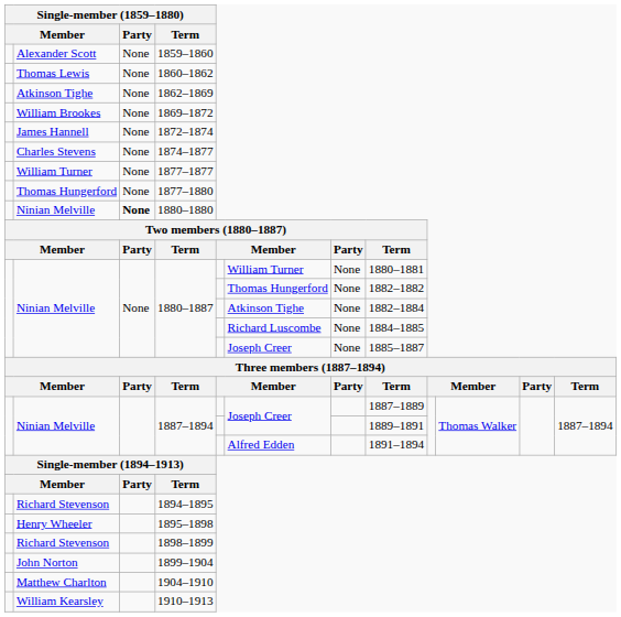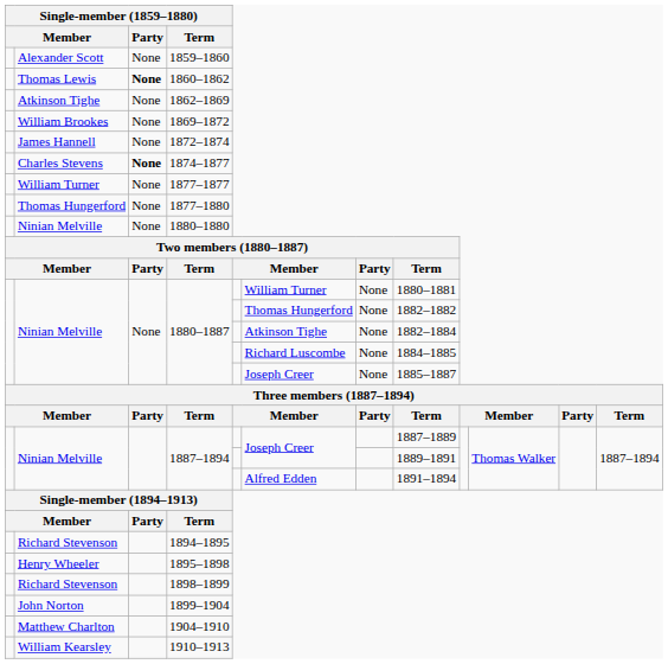 <table class="wikitable" style='border-style: none none none none;'>
 <tr>
 <th colspan="4">Single-member (1859–1880)</th>
 </tr>
 <tr>
 <th colspan="2">Member</th>
 <th>Party</th>
 <th>Term</th>
 </tr>
 <tr style="background: #f9f9f9">
 <td> </td>
 <td><a href='#'>Alexander Scott</a></td>
 <td>None</td>
 <td>1859–1860</td>
 </tr>
 <tr style="background: #f9f9f9">
 <td> </td>
 <td><a href='#'>Thomas Lewis</a></td>
-<td>None</td>
+<td><strong>None</strong></td>
 <td>1860–1862</td>
 </tr>
 <tr style="background: #f9f9f9">
 <td> </td>
 <td><a href='#'>Atkinson Tighe</a></td>
 <td>None</td>
 <td>1862–1869</td>
 </tr>
 <tr style="background: #f9f9f9">
 <td> </td>
 <td><a href='#'>William Brookes</a></td>
 <td>None</td>
 <td>1869–1872</td>
 </tr>
 <tr style="background: #f9f9f9">
 <td> </td>
 <td><a href='#'>James Hannell</a></td>
 <td>None</td>
 <td>1872–1874</td>
 </tr>
 <tr style="background: #f9f9f9">
 <td> </td>
 <td><a href='#'>Charles Stevens</a></td>
-<td>None</td>
+<td><strong>None</strong></td>
 <td>1874–1877</td>
 </tr>
 <tr style="background: #f9f9f9">
 <td> </td>
 <td><a href='#'>William Turner</a></td>
 <td>None</td>
 <td>1877–1877</td>
 </tr>
 <tr style="background: #f9f9f9">
 <td> </td>
 <td><a href='#'>Thomas Hungerford</a></td>
 <td>None</td>
 <td>1877–1880</td>
 </tr>
 <tr style="background: #f9f9f9">
 <td> </td>
 <td><a href='#'>Ninian Melville</a></td>
-<td><strong>None</strong></td>
+<td>None</td>
 <td>1880–1880</td>
 </tr>
 <tr>
 <th colspan="8">Two members (1880–1887)</th>
 </tr>
 <tr>
 <th colspan="2">Member</th>
 <th>Party</th>
 <th>Term</th>
 <th colspan="2">Member</th>
 <th>Party</th>
 <th>Term</th>
 </tr>
 <tr style="background: #f9f9f9">
 <td rowspan="5" > </td>
 <td rowspan="5"><a href='#'>Ninian Melville</a></td>
 <td rowspan="5">None</td>
 <td rowspan="5">1880–1887</td>
 <td> </td>
 <td><a href='#'>William Turner</a></td>
 <td>None</td>
 <td>1880–1881</td>
 </tr>
 <tr style="background: #f9f9f9">
 <td> </td>
 <td><a href='#'>Thomas Hungerford</a></td>
 <td>None</td>
 <td>1882–1882</td>
 </tr>
 <tr style="background: #f9f9f9">
 <td> </td>
 <td><a href='#'>Atkinson Tighe</a></td>
 <td>None</td>
 <td>1882–1884</td>
 </tr>
 <tr style="background: #f9f9f9">
 <td> </td>
 <td><a href='#'>Richard Luscombe</a></td>
 <td>None</td>
 <td>1884–1885</td>
 </tr>
 <tr style="background: #f9f9f9">
 <td> </td>
 <td><a href='#'>Joseph Creer</a></td>
 <td>None</td>
 <td>1885–1887</td>
 </tr>
 <tr>
 <th colspan="12">Three members (1887–1894)</th>
 </tr>
 <tr>
 <th colspan="2">Member</th>
 <th>Party</th>
 <th>Term</th>
 <th colspan="2">Member</th>
 <th>Party</th>
 <th>Term</th>
 <th colspan="2">Member</th>
 <th>Party</th>
 <th>Term</th>
 </tr>
 <tr style="background: #f9f9f9">
 <td rowspan="3" > </td>
 <td rowspan="3"><a href='#'>Ninian Melville</a></td>
 <td rowspan="3"></td>
 <td rowspan="3">1887–1894</td>
 <td> </td>
 <td rowspan="2"><a href='#'>Joseph Creer</a></td>
 <td></td>
 <td>1887–1889</td>
 <td rowspan="3" > </td>
 <td rowspan="3"><a href='#'>Thomas Walker</a></td>
 <td rowspan="3"></td>
 <td rowspan="3">1887–1894</td>
 </tr>
 <tr style="background: #f9f9f9">
 <td> </td>
 <td></td>
 <td>1889–1891</td>
 </tr>
 <tr style="background: #f9f9f9">
 <td> </td>
 <td><a href='#'>Alfred Edden</a></td>
 <td></td>
 <td>1891–1894</td>
 </tr>
 <tr>
 <th colspan="4">Single-member (1894–1913)</th>
 </tr>
 <tr>
 <th colspan="2">Member</th>
 <th>Party</th>
 <th>Term</th>
 </tr>
 <tr style="background: #f9f9f9">
 <td> </td>
 <td><a href='#'>Richard Stevenson</a></td>
 <td></td>
 <td>1894–1895</td>
 </tr>
 <tr style="background: #f9f9f9">
 <td> </td>
 <td><a href='#'>Henry Wheeler</a></td>
 <td></td>
 <td>1895–1898</td>
 </tr>
 <tr style="background: #f9f9f9">
 <td> </td>
 <td><a href='#'>Richard Stevenson</a></td>
 <td></td>
 <td>1898–1899</td>
 </tr>
 <tr style="background: #f9f9f9">
 <td> </td>
 <td><a href='#'>John Norton</a></td>
 <td></td>
 <td>1899–1904</td>
 </tr>
 <tr style="background: #f9f9f9">
 <td> </td>
 <td><a href='#'>Matthew Charlton</a></td>
 <td></td>
 <td>1904–1910</td>
 </tr>
 <tr style="background: #f9f9f9">
 <td> </td>
 <td><a href='#'>William Kearsley</a></td>
 <td></td>
 <td>1910–1913</td>
 </tr>
 </table>
